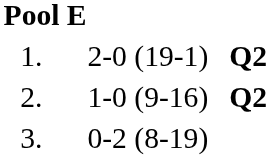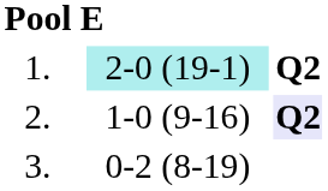 <table style="text-align:center">
 <tr>
 <td colspan=4 align=left><strong>Pool E</strong></td>
 </tr>
 <tr>
 <td width=30>1.</td>
 <td align=left></td>
-<td width=80>2-0 (19-1)</td>
+<td width=80 style="background: paleturquoise;">2-0 (19-1)</td>
 <td><strong>Q2</strong></td>
 </tr>
 <tr>
 <td>2.</td>
 <td align=left></td>
 <td>1-0 (9-16)</td>
-<td><strong>Q2</strong></td>
+<td style="background: lavender;"><strong>Q2</strong></td>
 </tr>
 <tr>
 <td>3.</td>
 <td align=left></td>
 <td>0-2 (8-19)</td>
 <td></td>
 </tr>
 </table>
